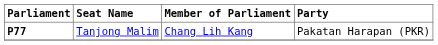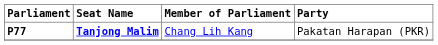 <table class="toccolours sortable" border="1" cellpadding="3" style="border-collapse:collapse; text-align: left;">
 <tr>
 <th align="center">Parliament</th>
 <th>Seat Name</th>
 <th>Member of Parliament</th>
 <th>Party</th>
 </tr>
 <tr>
 <th align="left">P77</th>
-<td><a href='#'>Tanjong Malim</a></td>
+<td><strong><a href='#'>Tanjong Malim</a></strong></td>
 <td><a href='#'>Chang Lih Kang</a></td>
 <td>Pakatan Harapan (PKR)</td>
 </tr>
 <tr>
 </tr>
 </table>
